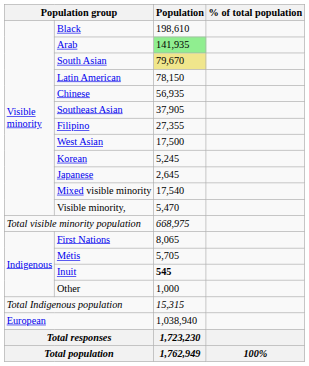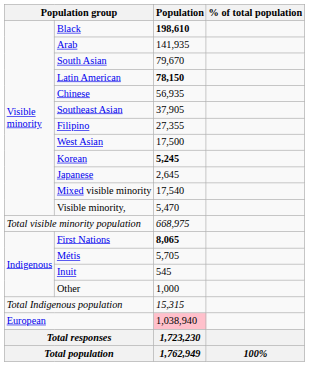 <table class="wikitable">
 <tr>
 <th colspan="2">Population group</th>
 <th>Population</th>
 <th>% of total population</th>
 </tr>
 <tr>
 <td rowspan="12"><a href='#'>Visible<br>minority</a></td>
 <td><a href='#'>Black</a></td>
-<td>198,610</td>
+<td><strong>198,610</strong></td>
 <td></td>
 </tr>
 <tr>
 <td><a href='#'>Arab</a></td>
-<td style="background: lightgreen;">141,935</td>
+<td>141,935</td>
 <td></td>
 </tr>
 <tr>
 <td><a href='#'>South Asian</a></td>
-<td style="background: khaki;">79,670</td>
+<td>79,670</td>
 <td></td>
 </tr>
 <tr>
 <td><a href='#'>Latin American</a></td>
-<td>78,150</td>
+<td><strong>78,150</strong></td>
 <td></td>
 </tr>
 <tr>
 <td><a href='#'>Chinese</a></td>
 <td>56,935</td>
 <td></td>
 </tr>
 <tr>
 <td><a href='#'>Southeast Asian</a></td>
 <td>37,905</td>
 <td></td>
 </tr>
 <tr>
 <td><a href='#'>Filipino</a></td>
 <td>27,355</td>
 <td></td>
 </tr>
 <tr>
 <td><a href='#'>West Asian</a></td>
 <td>17,500</td>
 <td></td>
 </tr>
 <tr>
 <td><a href='#'>Korean</a></td>
-<td>5,245</td>
+<td><strong>5,245</strong></td>
 <td></td>
 </tr>
 <tr>
 <td><a href='#'>Japanese</a></td>
 <td>2,645</td>
 <td></td>
 </tr>
 <tr>
 <td><a href='#'>Mixed</a> visible minority</td>
 <td>17,540</td>
 <td></td>
 </tr>
 <tr>
 <td>Visible minority, </td>
 <td>5,470</td>
 <td></td>
 </tr>
 <tr>
 <td colspan="2"><em>Total visible minority population</em></td>
 <td><em>668,975</em></td>
 <td><em></em></td>
 </tr>
 <tr>
 <td rowspan="4"><a href='#'>Indigenous</a></td>
 <td><a href='#'>First Nations</a></td>
-<td>8,065</td>
+<td><strong>8,065</strong></td>
 <td></td>
 </tr>
 <tr>
 <td><a href='#'>Métis</a></td>
 <td>5,705</td>
 <td></td>
 </tr>
 <tr>
 <td><a href='#'>Inuit</a></td>
-<td><strong>545</strong></td>
+<td>545</td>
 <td></td>
 </tr>
 <tr>
 <td>Other</td>
 <td>1,000</td>
 <td></td>
 </tr>
 <tr>
 <td colspan="2"><em>Total Indigenous population</em></td>
 <td><em>15,315</em></td>
 <td><em></em></td>
 </tr>
 <tr>
 <td colspan="2"><a href='#'>European</a></td>
-<td>1,038,940</td>
+<td style="background: pink;">1,038,940</td>
 <td></td>
 </tr>
 <tr>
 <th colspan="2"><em>Total responses</em></th>
 <th><em>1,723,230</em></th>
 <th><em></em></th>
 </tr>
 <tr>
 <th colspan="2"><em>Total population</em></th>
 <th><em>1,762,949</em></th>
 <th><em>100%</em></th>
 </tr>
 </table>
